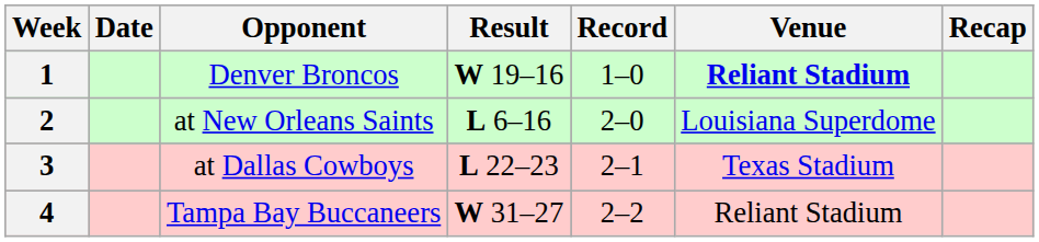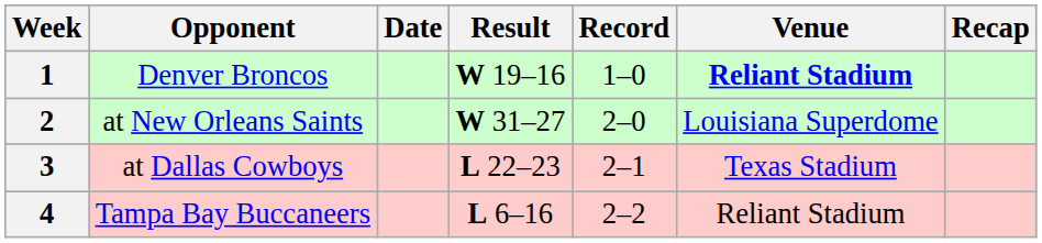 <table class="wikitable" style="text-align:center">
 <tr>
 <th>Week</th>
+<th>Opponent</th>
 <th>Date</th>
-<th>Opponent</th>
 <th>Result</th>
 <th>Record</th>
 <th>Venue</th>
 <th>Recap</th>
 </tr>
 <tr style="background:#cfc">
 <th>1</th>
+<td><a href='#'>Denver Broncos</a></td>
 <td></td>
-<td><a href='#'>Denver Broncos</a></td>
 <td><strong>W</strong> 19–16</td>
 <td>1–0</td>
 <td><strong><a href='#'>Reliant Stadium</a></strong></td>
 <td></td>
 </tr>
 <tr style="background:#cfc">
 <th>2</th>
+<td>at <a href='#'>New Orleans Saints</a></td>
 <td></td>
-<td>at <a href='#'>New Orleans Saints</a></td>
-<td><strong>L</strong> 6–16</td>
+<td><strong>W</strong> 31–27</td>
 <td>2–0</td>
 <td><a href='#'>Louisiana Superdome</a></td>
 <td></td>
 </tr>
 <tr style="background:#fcc">
 <th>3</th>
+<td>at <a href='#'>Dallas Cowboys</a></td>
 <td></td>
-<td>at <a href='#'>Dallas Cowboys</a></td>
 <td><strong>L</strong> 22–23</td>
 <td>2–1</td>
 <td><a href='#'>Texas Stadium</a></td>
 <td></td>
 </tr>
 <tr style="background:#fcc">
 <th>4</th>
+<td><a href='#'>Tampa Bay Buccaneers</a></td>
 <td></td>
-<td><a href='#'>Tampa Bay Buccaneers</a></td>
-<td><strong>W</strong> 31–27</td>
+<td><strong>L</strong> 6–16</td>
 <td>2–2</td>
 <td>Reliant Stadium</td>
 <td></td>
 </tr>
 </table>
